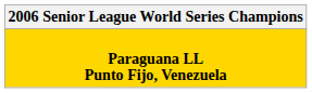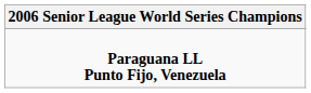 <table class="wikitable" style="text-align: center; margin: 0 auto;">
 <tr>
 <th>2006 Senior League World Series Champions</th>
 </tr>
 <tr>
 </tr>
 <tr>
-<td style="background: gold;"><br><strong>Paraguana LL</strong><br> <strong>Punto Fijo, Venezuela</strong></td>
+<td><br><strong>Paraguana LL</strong><br> <strong>Punto Fijo, Venezuela</strong></td>
 </tr>
 </table>
